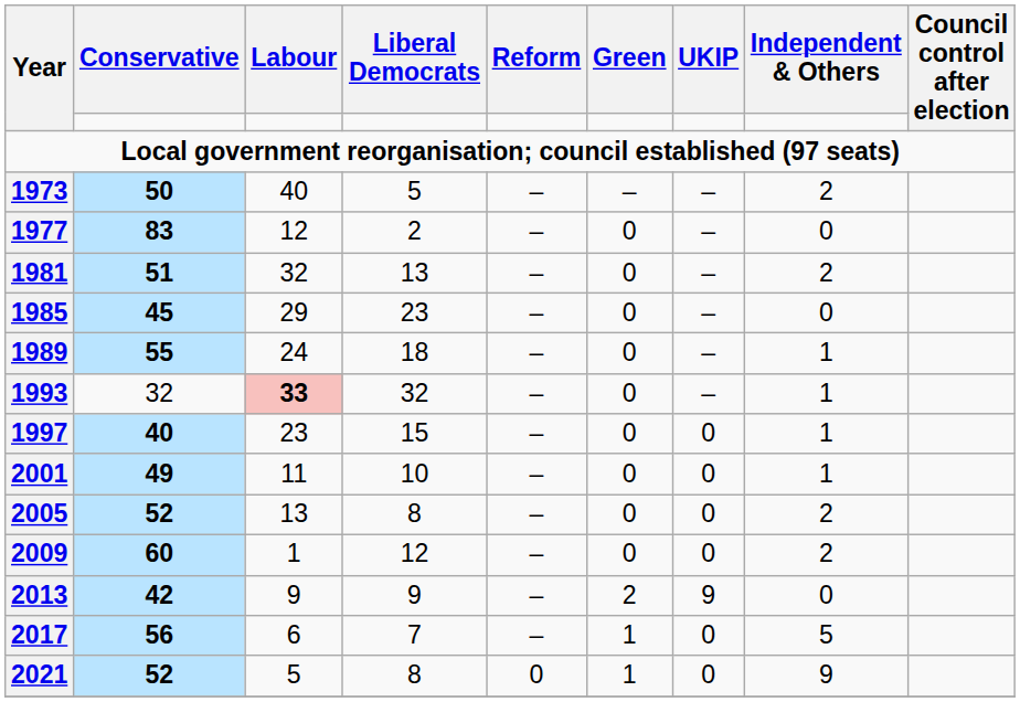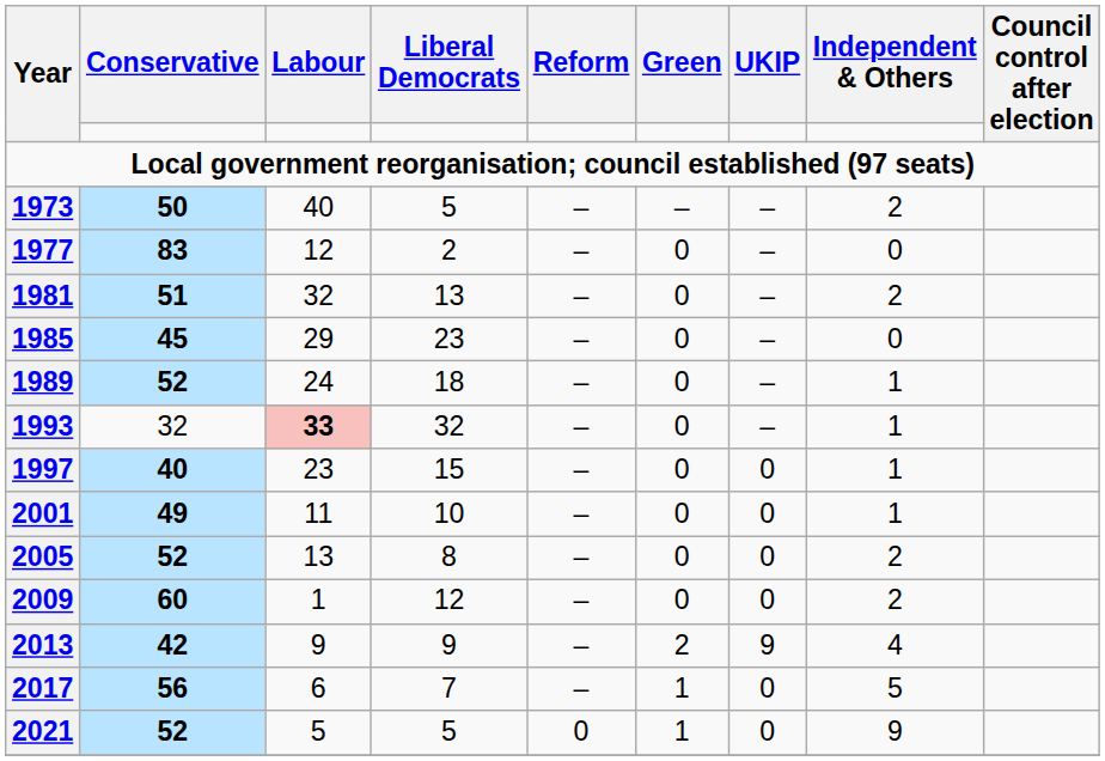 <table class="wikitable plainrowheaders" style="text-align:center">
 <tr>
 <th scope="col" rowspan="2">Year</th>
 <th scope="col"><a href='#'>Conservative</a></th>
 <th scope="col"><a href='#'>Labour</a></th>
 <th scope="col" style="width:1px"><a href='#'>Liberal Democrats</a></th>
 <th scope="col"><a href='#'>Reform</a></th>
 <th scope="col"><a href='#'>Green</a></th>
 <th scope="col"><a href='#'>UKIP</a></th>
 <th scope="col"><a href='#'>Independent</a><br>& Others</th>
 <th scope="col" rowspan="2" colspan="2">Council control<br>after election</th>
 </tr>
 <tr>
 <td style="background:"></td>
 <td style="background:"></td>
 <td style="background:"></td>
 <td style="background:"></td>
 <td style="background:"></td>
 <td style="background:"></td>
 <td style="background:"></td>
 </tr>
 <tr>
 <td colspan="10"><strong>Local government reorganisation; council established (97 seats)</strong></td>
 </tr>
 <tr>
 <th scope="row"><a href='#'>1973</a></th>
 <td style="background:#B9E4FF;"><strong>50</strong></td>
 <td>40</td>
 <td>5</td>
 <td>–</td>
 <td>–</td>
 <td>–</td>
 <td>2</td>
 <td></td>
 </tr>
 <tr>
 <th scope="row"><a href='#'>1977</a></th>
 <td style="background:#B9E4FF;"><strong>83</strong></td>
 <td>12</td>
 <td>2</td>
 <td>–</td>
 <td>0</td>
 <td>–</td>
 <td>0</td>
 <td></td>
 </tr>
 <tr>
 <th scope="row"><a href='#'>1981</a></th>
 <td style="background:#B9E4FF;"><strong>51</strong></td>
 <td>32</td>
 <td>13</td>
 <td>–</td>
 <td>0</td>
 <td>–</td>
 <td>2</td>
 <td></td>
 </tr>
 <tr>
 <th scope="row"><a href='#'>1985</a></th>
 <td style="background:#B9E4FF;"><strong>45</strong></td>
 <td>29</td>
 <td>23</td>
 <td>–</td>
 <td>0</td>
 <td>–</td>
 <td>0</td>
 <td></td>
 </tr>
 <tr>
 <th scope="row"><a href='#'>1989</a></th>
-<td style="background:#B9E4FF;"><strong>55</strong></td>
+<td style="background:#B9E4FF;"><strong>52</strong></td>
 <td>24</td>
 <td>18</td>
 <td>–</td>
 <td>0</td>
 <td>–</td>
 <td>1</td>
 <td></td>
 </tr>
 <tr>
 <th scope="row"><a href='#'>1993</a></th>
 <td>32</td>
 <td style="background:#F8C1BE;"><strong>33</strong></td>
 <td>32</td>
 <td>–</td>
 <td>0</td>
 <td>–</td>
 <td>1</td>
 <td></td>
 </tr>
 <tr>
 <th scope="row"><a href='#'>1997</a></th>
 <td style="background:#B9E4FF;"><strong>40</strong></td>
 <td>23</td>
 <td>15</td>
 <td>–</td>
 <td>0</td>
 <td>0</td>
 <td>1</td>
 <td></td>
 </tr>
 <tr>
 <th scope="row"><a href='#'>2001</a></th>
 <td style="background:#B9E4FF;"><strong>49</strong></td>
 <td>11</td>
 <td>10</td>
 <td>–</td>
 <td>0</td>
 <td>0</td>
 <td>1</td>
 <td></td>
 </tr>
 <tr>
 <th scope="row"><a href='#'>2005</a></th>
 <td style="background:#B9E4FF;"><strong>52</strong></td>
 <td>13</td>
 <td>8</td>
 <td>–</td>
 <td>0</td>
 <td>0</td>
 <td>2</td>
 <td></td>
 </tr>
 <tr>
 <th scope="row"><a href='#'>2009</a></th>
 <td style="background:#B9E4FF;"><strong>60</strong></td>
 <td>1</td>
 <td>12</td>
 <td>–</td>
 <td>0</td>
 <td>0</td>
 <td>2</td>
 <td></td>
 </tr>
 <tr>
 <th scope="row"><a href='#'>2013</a></th>
 <td style="background:#B9E4FF;"><strong>42</strong></td>
 <td>9</td>
 <td>9</td>
 <td>–</td>
 <td>2</td>
 <td>9</td>
-<td>0</td>
+<td>4</td>
 <td></td>
 </tr>
 <tr>
 <th scope="row"><a href='#'>2017</a></th>
 <td style="background:#B9E4FF;"><strong>56</strong></td>
 <td>6</td>
 <td>7</td>
 <td>–</td>
 <td>1</td>
 <td>0</td>
 <td>5</td>
 <td></td>
 </tr>
 <tr>
 <th scope="row"><a href='#'>2021</a></th>
 <td style="background:#B9E4FF;"><strong>52</strong></td>
 <td>5</td>
-<td>8</td>
+<td>5</td>
 <td>0</td>
 <td>1</td>
 <td>0</td>
 <td>9</td>
 <td></td>
 </tr>
 <tr>
 </tr>
 </table>
